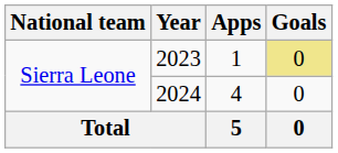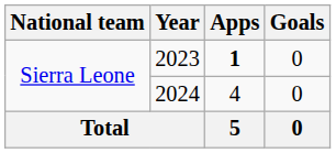 <table class="wikitable" style="font-size:100%; text-align: center">
 <tr>
 <th>National team</th>
 <th>Year</th>
 <th>Apps</th>
 <th>Goals</th>
 </tr>
 <tr>
 <td rowspan="2"><a href='#'>Sierra Leone</a></td>
 <td>2023</td>
-<td>1</td>
-<td style="background: khaki;">0</td>
+<td><strong>1</strong></td>
+<td>0</td>
 </tr>
 <tr>
 <td>2024</td>
 <td>4</td>
 <td>0</td>
 </tr>
 <tr>
 <th colspan=2>Total</th>
 <th>5</th>
 <th>0</th>
 </tr>
 </table>
